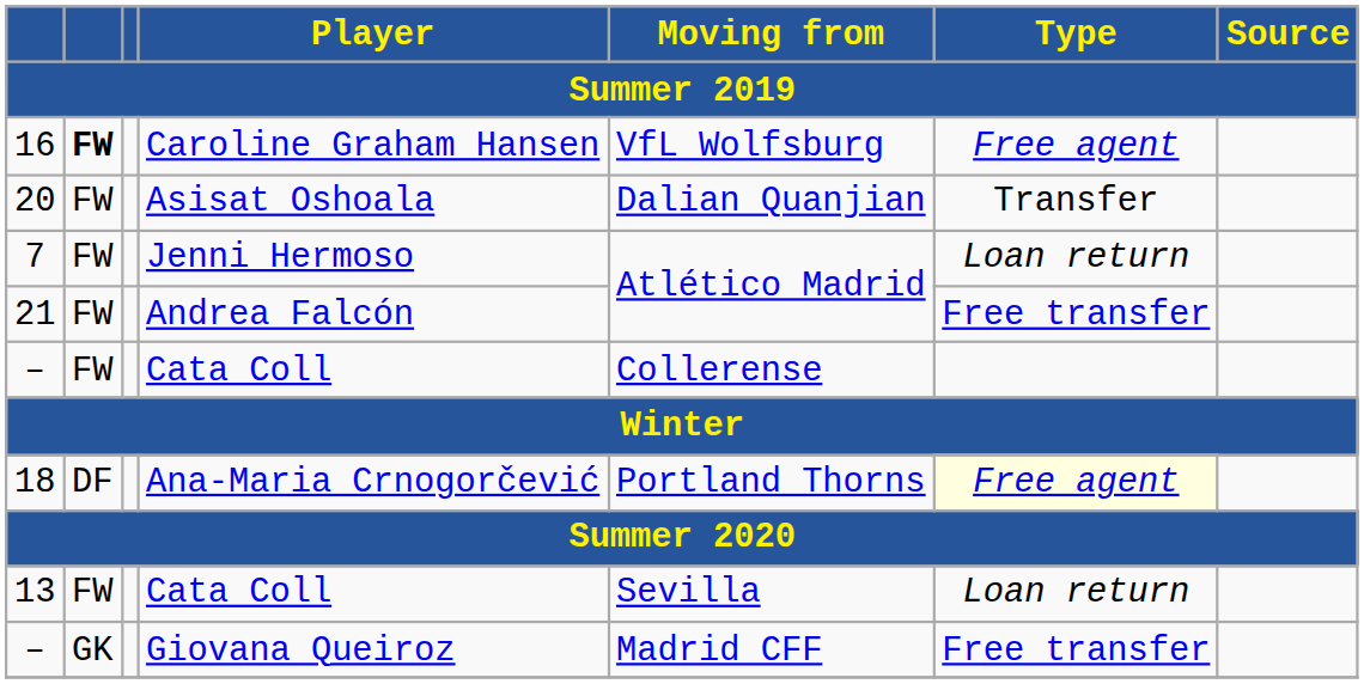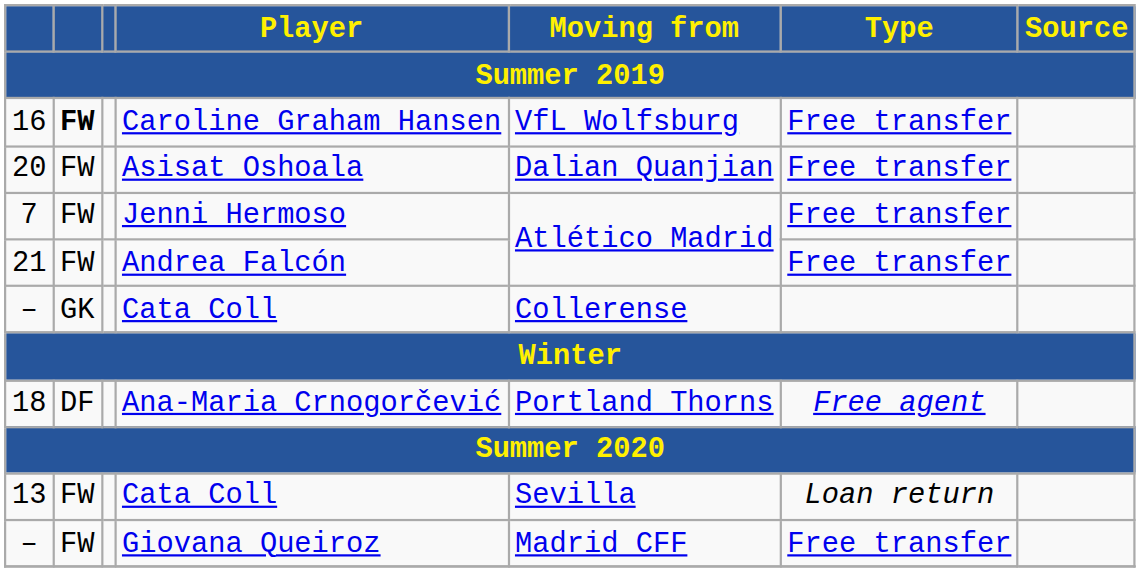 <table class="wikitable plainrowheaders sortable" style="text-align:center">
 <tr>
 <th style="background:#26559B; color:#FFF000; "></th>
 <th style="background:#26559B; color:#FFF000; "></th>
 <th style="background:#26559B; color:#FFF000; "></th>
 <th style="background:#26559B; color:#FFF000; ">Player</th>
 <th style="background:#26559B; color:#FFF000; ">Moving from</th>
 <th style="background:#26559B; color:#FFF000; ">Type</th>
 <th style="background:#26559B; color:#FFF000; ">Source</th>
 </tr>
 <tr>
 <th colspan=8 style="background:#26559B; color:#FFF000; ">Summer 2019</th>
 </tr>
 <tr>
 <td>16</td>
 <td><strong>FW</strong></td>
 <td></td>
 <td align="left"><a href='#'>Caroline Graham Hansen</a></td>
 <td align="left"> <a href='#'>VfL Wolfsburg</a></td>
-<td><em><a href='#'>Free agent</a></em></td>
+<td><a href='#'>Free transfer</a></td>
 <td></td>
 </tr>
 <tr>
 <td>20</td>
 <td>FW</td>
 <td></td>
 <td align="left"><a href='#'>Asisat Oshoala</a></td>
 <td align="left"> <a href='#'>Dalian Quanjian</a></td>
-<td>Transfer</td>
+<td><a href='#'>Free transfer</a></td>
 <td></td>
 </tr>
 <tr>
 <td>7</td>
 <td>FW</td>
 <td></td>
 <td align="left"><a href='#'>Jenni Hermoso</a></td>
 <td rowspan="2" align="left"><a href='#'>Atlético Madrid</a></td>
-<td><em>Loan return</em></td>
+<td><a href='#'>Free transfer</a></td>
 <td></td>
 </tr>
 <tr>
 <td>21</td>
 <td>FW</td>
 <td></td>
 <td align="left"><a href='#'>Andrea Falcón</a></td>
 <td><a href='#'>Free transfer</a></td>
 <td></td>
 </tr>
 <tr>
 <td>–</td>
-<td>FW</td>
+<td>GK</td>
 <td></td>
 <td align="left"><a href='#'>Cata Coll</a></td>
 <td align="left"><a href='#'>Collerense</a></td>
 <td></td>
 <td></td>
 </tr>
 <tr>
 <th colspan=8 style="background:#26559B; color:#FFF000; ">Winter</th>
 </tr>
 <tr>
 <td>18</td>
 <td>DF</td>
 <td></td>
 <td align="left"><a href='#'>Ana-Maria Crnogorčević</a></td>
 <td align="left"> <a href='#'>Portland Thorns</a></td>
-<td style="background: lightyellow;"><em><a href='#'>Free agent</a></em></td>
+<td><em><a href='#'>Free agent</a></em></td>
 <td></td>
 </tr>
 <tr>
 <th colspan=8 style="background:#26559B; color:#FFF000; ">Summer 2020</th>
 </tr>
 <tr>
 <td>13</td>
 <td>FW</td>
 <td></td>
 <td align="left"><a href='#'>Cata Coll</a></td>
 <td align="left"><a href='#'>Sevilla</a></td>
 <td><em>Loan return</em></td>
 <td></td>
 </tr>
 <tr>
 <td>–</td>
-<td>GK</td>
+<td>FW</td>
 <td></td>
 <td align="left"><a href='#'>Giovana Queiroz</a></td>
 <td align="left"><a href='#'>Madrid CFF</a></td>
 <td><a href='#'>Free transfer</a></td>
 <td></td>
 </tr>
 <tr>
 </tr>
 </table>
